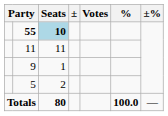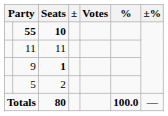 <table class=wikitable>
 <tr>
 <th colspan=2 align=center>Party</th>
 <th valign=top>Seats</th>
 <th valign=top>±</th>
 <th valign=top>Votes</th>
 <th valign=top>%</th>
 <th valign=top>±%</th>
 </tr>
 <tr>
 <td></td>
 <td align=right><strong>55</strong></td>
-<td align=right style="background: lightblue;"><strong>10</strong></td>
+<td align=right><strong>10</strong></td>
 <td align=right></td>
 <td align=right></td>
 <td align=right></td>
 </tr>
 <tr>
 <td></td>
 <td align=right>11</td>
 <td align=right>11</td>
 <td align=right></td>
 <td align=right></td>
 <td align=right></td>
 </tr>
 <tr>
 <td></td>
 <td align=right>9</td>
-<td align=right>1</td>
+<td align=right><strong>1</strong></td>
 <td align=right></td>
 <td align=right></td>
 <td align=right></td>
 </tr>
 <tr>
 <td></td>
 <td align=right>5</td>
 <td align=right>2</td>
 <td align=right></td>
 <td align=right></td>
 <td align=right></td>
 </tr>
 <tr>
 <td colspan=2 align=center><strong>Totals</strong></td>
 <td align=right><strong>80</strong></td>
 <td align=center></td>
 <td align=right></td>
 <td align=center><strong>100.0</strong></td>
 <td align=center>—</td>
 </tr>
 </table>
